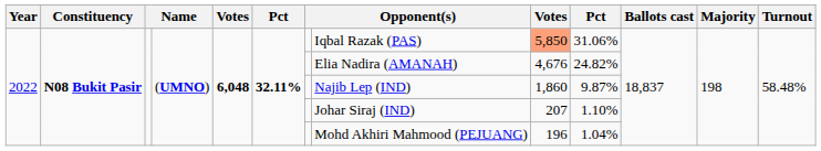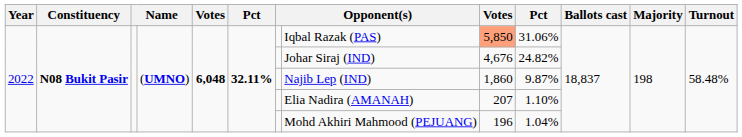 <table class="wikitable" style="margin:0.5em ; font-size:95%">
 <tr>
 <th>Year</th>
 <th>Constituency</th>
 <th colspan="2">Name</th>
 <th>Votes</th>
 <th>Pct</th>
 <th colspan="2">Opponent(s)</th>
 <th>Votes</th>
 <th>Pct</th>
 <th>Ballots cast</th>
 <th>Majority</th>
 <th>Turnout</th>
 </tr>
 <tr>
 <td rowspan="5"><a href='#'>2022</a></td>
 <td rowspan="5"><strong>N08 <a href='#'>Bukit Pasir</a></strong></td>
 <td rowspan="5" ></td>
 <td rowspan="5"> (<a href='#'><strong>UMNO</strong></a>)</td>
 <td rowspan="5" align=right><strong>6,048</strong></td>
 <td rowspan="5"><strong>32.11%</strong></td>
 <td bgcolor=></td>
 <td>Iqbal Razak (<a href='#'>PAS</a>)</td>
 <td align=right style="background: lightsalmon;">5,850</td>
 <td>31.06%</td>
 <td rowspan="5">18,837</td>
 <td rowspan="5">198</td>
 <td rowspan="5">58.48%</td>
 </tr>
 <tr>
 <td></td>
-<td>Elia Nadira (<a href='#'>AMANAH</a>)</td>
+<td>Johar Siraj (<a href='#'>IND</a>)</td>
 <td align=right>4,676</td>
 <td>24.82%</td>
 </tr>
 <tr>
 <td></td>
 <td><a href='#'>Najib Lep</a> (<a href='#'>IND</a>)</td>
 <td align=right>1,860</td>
 <td align=right>9.87%</td>
 </tr>
 <tr>
 <td></td>
-<td>Johar Siraj (<a href='#'>IND</a>)</td>
+<td>Elia Nadira (<a href='#'>AMANAH</a>)</td>
 <td align=right>207</td>
 <td align=right>1.10%</td>
 </tr>
 <tr>
 <td></td>
 <td>Mohd Akhiri Mahmood (<a href='#'>PEJUANG</a>)</td>
 <td align=right>196</td>
 <td align=right>1.04%</td>
 </tr>
 </table>
